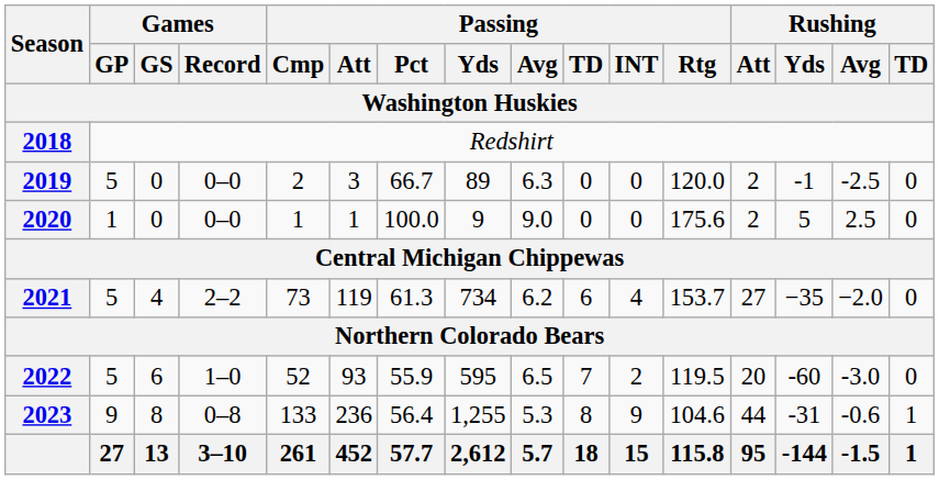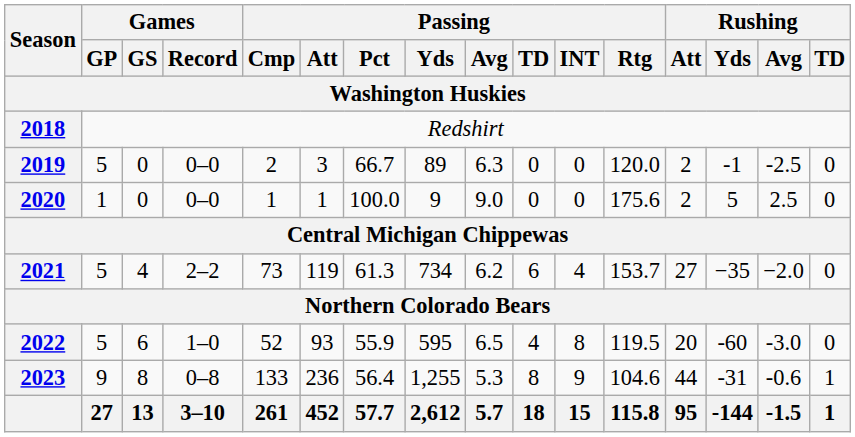 <table class="wikitable" style="text-align:center;">
 <tr>
 <th rowspan="2">Season</th>
 <th colspan="3">Games</th>
 <th colspan="8">Passing</th>
 <th colspan="4">Rushing</th>
 </tr>
 <tr>
 <th>GP</th>
 <th>GS</th>
 <th>Record</th>
 <th>Cmp</th>
 <th>Att</th>
 <th>Pct</th>
 <th>Yds</th>
 <th>Avg</th>
 <th>TD</th>
 <th>INT</th>
 <th>Rtg</th>
 <th>Att</th>
 <th>Yds</th>
 <th>Avg</th>
 <th>TD</th>
 </tr>
 <tr>
 <th colspan="16">Washington Huskies</th>
 </tr>
 <tr>
 <th><a href='#'>2018</a></th>
 <td colspan="15"><em>Redshirt </em></td>
 </tr>
 <tr>
 <th><a href='#'>2019</a></th>
 <td>5</td>
 <td>0</td>
 <td>0–0</td>
 <td>2</td>
 <td>3</td>
 <td>66.7</td>
 <td>89</td>
 <td>6.3</td>
 <td>0</td>
 <td>0</td>
 <td>120.0</td>
 <td>2</td>
 <td>-1</td>
 <td>-2.5</td>
 <td>0</td>
 </tr>
 <tr>
 <th><a href='#'>2020</a></th>
 <td>1</td>
 <td>0</td>
 <td>0–0</td>
 <td>1</td>
 <td>1</td>
 <td>100.0</td>
 <td>9</td>
 <td>9.0</td>
 <td>0</td>
 <td>0</td>
 <td>175.6</td>
 <td>2</td>
 <td>5</td>
 <td>2.5</td>
 <td>0</td>
 </tr>
 <tr>
 <th colspan="16">Central Michigan Chippewas</th>
 </tr>
 <tr>
 <th><a href='#'>2021</a></th>
 <td>5</td>
 <td>4</td>
 <td>2–2</td>
 <td>73</td>
 <td>119</td>
 <td>61.3</td>
 <td>734</td>
 <td>6.2</td>
 <td>6</td>
 <td>4</td>
 <td>153.7</td>
 <td>27</td>
 <td>−35</td>
 <td>−2.0</td>
 <td>0</td>
 </tr>
 <tr>
 <th colspan="16">Northern Colorado Bears</th>
 </tr>
 <tr>
 <th><a href='#'>2022</a></th>
 <td>5</td>
 <td>6</td>
 <td>1–0</td>
 <td>52</td>
 <td>93</td>
 <td>55.9</td>
 <td>595</td>
 <td>6.5</td>
-<td>7</td>
-<td>2</td>
+<td>4</td>
+<td>8</td>
 <td>119.5</td>
 <td>20</td>
 <td>-60</td>
 <td>-3.0</td>
 <td>0</td>
 </tr>
 <tr>
 <th><a href='#'>2023</a></th>
 <td>9</td>
 <td>8</td>
 <td>0–8</td>
 <td>133</td>
 <td>236</td>
 <td>56.4</td>
 <td>1,255</td>
 <td>5.3</td>
 <td>8</td>
 <td>9</td>
 <td>104.6</td>
 <td>44</td>
 <td>-31</td>
 <td>-0.6</td>
 <td>1</td>
 </tr>
 <tr>
 <th></th>
 <th>27</th>
 <th>13</th>
 <th>3–10</th>
 <th>261</th>
 <th>452</th>
 <th>57.7</th>
 <th>2,612</th>
 <th>5.7</th>
 <th>18</th>
 <th>15</th>
 <th>115.8</th>
 <th>95</th>
 <th>-144</th>
 <th>-1.5</th>
 <th>1</th>
 </tr>
 </table>
